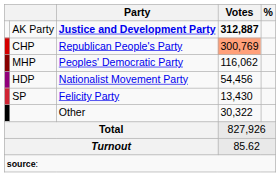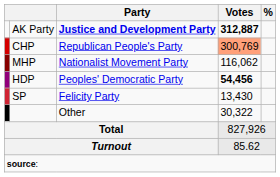 <table class="wikitable">
 <tr>
 <th colspan="2" align="center"></th>
 <th align="center">Party</th>
 <th align="center">Votes</th>
 <th align="center">%</th>
 </tr>
 <tr align="left">
 <td></td>
 <td>AK Party</td>
 <td><strong><a href='#'>Justice and Development Party</a></strong></td>
 <td><strong>312,887</strong></td>
 <td><strong></strong></td>
 </tr>
 <tr align="left">
 <td bgcolor="#d50000" width="1"></td>
 <td>CHP</td>
 <td><a href='#'>Republican People's Party</a></td>
 <td style="background: lightsalmon;">300,769</td>
 <td></td>
 </tr>
 <tr align="left">
 <td bgcolor="#870000" width="1"></td>
 <td>MHP</td>
-<td><a href='#'>Peoples' Democratic Party</a></td>
+<td><a href='#'>Nationalist Movement Party</a></td>
 <td>116,062</td>
 <td></td>
 </tr>
 <tr align="left">
 <td bgcolor="#91007B" width="1"></td>
 <td>HDP</td>
-<td><a href='#'>Nationalist Movement Party</a></td>
-<td>54,456</td>
+<td><a href='#'>Peoples' Democratic Party</a></td>
+<td><strong>54,456</strong></td>
 <td></td>
 </tr>
 <tr align="left">
 <td bgcolor="#D02433" width="1"></td>
 <td>SP</td>
 <td><a href='#'>Felicity Party</a></td>
 <td>13,430</td>
 <td></td>
 </tr>
 <tr align="left">
 <td bgcolor=" " width="1"></td>
 <td></td>
 <td>Other</td>
 <td>30,322</td>
 <td></td>
 </tr>
 <tr align="left" style="background-color:#E9E9E9">
 <th colspan="3" align="center"><strong>Total</strong></th>
 <td colspan="5" align="center">827,926</td>
 </tr>
 <tr align="left" style="background-color:#E9E9E9">
 <th colspan="3" align="center"><em>Turnout</em></th>
 <td colspan="5" align="center">85.62</td>
 </tr>
 <tr>
 <td colspan="9" align="left"><small><strong>source</strong>: </small></td>
 </tr>
 </table>
